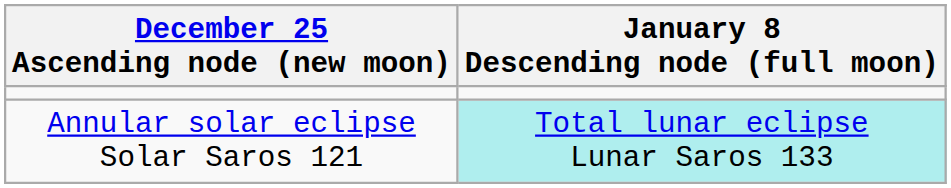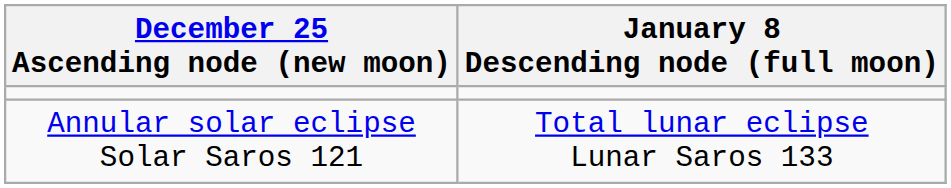 <table class="wikitable">
 <tr>
 <th><a href='#'>December 25</a><br>Ascending node (new moon)</th>
 <th>January 8<br>Descending node (full moon)</th>
 </tr>
 <tr>
 <td></td>
 <td></td>
 </tr>
 <tr align=center>
 <td><a href='#'>Annular solar eclipse</a><br>Solar Saros 121</td>
-<td style="background: paleturquoise;"><a href='#'>Total lunar eclipse</a><br>Lunar Saros 133</td>
+<td><a href='#'>Total lunar eclipse</a><br>Lunar Saros 133</td>
 </tr>
 </table>
